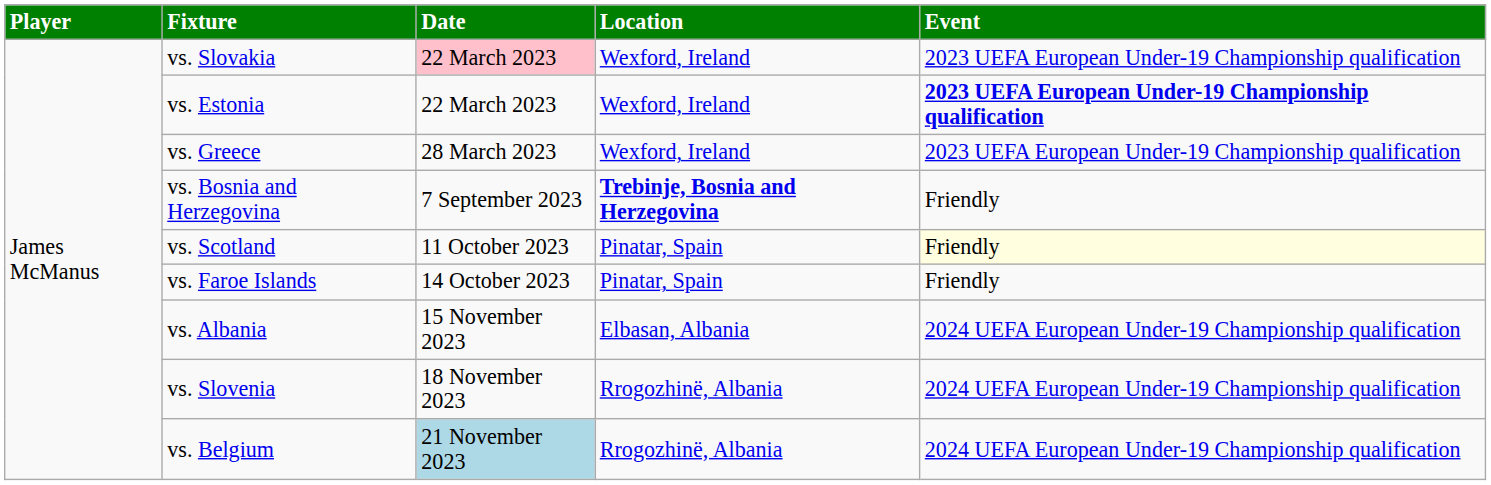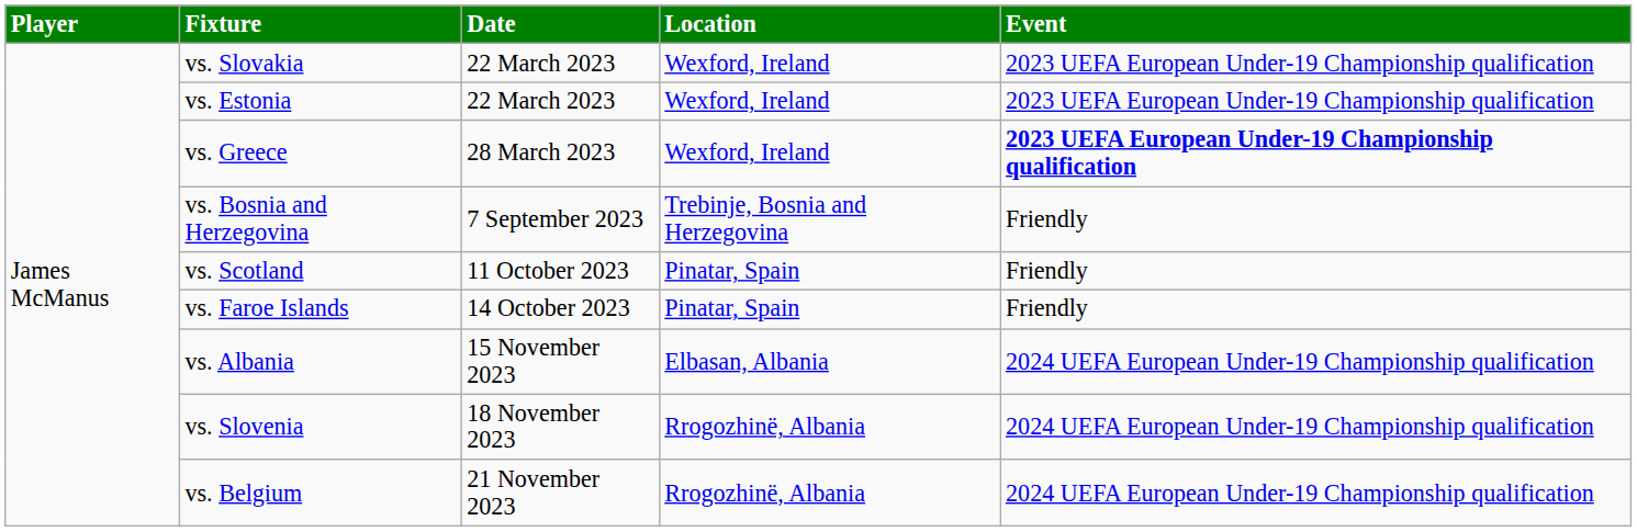 <table class="wikitable" style="width:85%;">
 <tr>
 <th style="background:green; color:white; text-align:left;">Player</th>
 <th style="background:green; color:white; text-align:left;">Fixture</th>
 <th style="background:green; color:white; text-align:left;">Date</th>
 <th style="background:green; color:white; text-align:left;">Location</th>
 <th style="background:green; color:white; text-align:left;">Event</th>
 </tr>
 <tr>
 <td rowspan="10">James McManus</td>
 <td>vs.  <a href='#'>Slovakia</a></td>
-<td style="background: pink;">22 March 2023</td>
+<td>22 March 2023</td>
 <td><a href='#'>Wexford, Ireland</a></td>
 <td><a href='#'>2023 UEFA European Under-19 Championship qualification</a></td>
 </tr>
 <tr>
 <td>vs.  <a href='#'>Estonia</a></td>
 <td>22 March 2023</td>
 <td><a href='#'>Wexford, Ireland</a></td>
-<td><strong><a href='#'>2023 UEFA European Under-19 Championship qualification</a></strong></td>
+<td><a href='#'>2023 UEFA European Under-19 Championship qualification</a></td>
 </tr>
 <tr>
 <td>vs.  <a href='#'>Greece</a></td>
 <td>28 March 2023</td>
 <td><a href='#'>Wexford, Ireland</a></td>
-<td><a href='#'>2023 UEFA European Under-19 Championship qualification</a></td>
+<td><strong><a href='#'>2023 UEFA European Under-19 Championship qualification</a></strong></td>
 </tr>
 <tr>
 <td>vs.  <a href='#'>Bosnia and Herzegovina</a></td>
 <td>7 September 2023</td>
-<td><strong><a href='#'> Trebinje, Bosnia and Herzegovina</a></strong></td>
+<td><a href='#'> Trebinje, Bosnia and Herzegovina</a></td>
 <td>Friendly</td>
 </tr>
 <tr>
 <td>vs.  <a href='#'>Scotland</a></td>
 <td>11 October 2023</td>
 <td><a href='#'>Pinatar, Spain</a></td>
-<td style="background: lightyellow;">Friendly</td>
+<td>Friendly</td>
 </tr>
 <tr>
 <td>vs.  <a href='#'>Faroe Islands</a></td>
 <td>14 October 2023</td>
 <td><a href='#'>Pinatar, Spain</a></td>
 <td>Friendly</td>
 </tr>
 <tr>
 <td>vs.  <a href='#'>Albania</a></td>
 <td>15 November 2023</td>
 <td><a href='#'>Elbasan, Albania</a></td>
 <td><a href='#'>2024 UEFA European Under-19 Championship qualification</a></td>
 </tr>
 <tr>
 <td>vs.  <a href='#'>Slovenia</a></td>
 <td>18 November 2023</td>
 <td><a href='#'>Rrogozhinë, Albania</a></td>
 <td><a href='#'>2024 UEFA European Under-19 Championship qualification</a></td>
 </tr>
 <tr>
 <td>vs.  <a href='#'>Belgium</a></td>
-<td style="background: lightblue;">21 November 2023</td>
+<td>21 November 2023</td>
 <td><a href='#'>Rrogozhinë, Albania</a></td>
 <td><a href='#'>2024 UEFA European Under-19 Championship qualification</a></td>
 </tr>
 </table>
